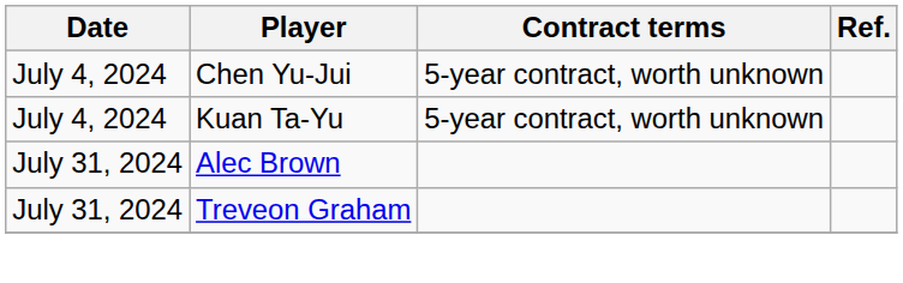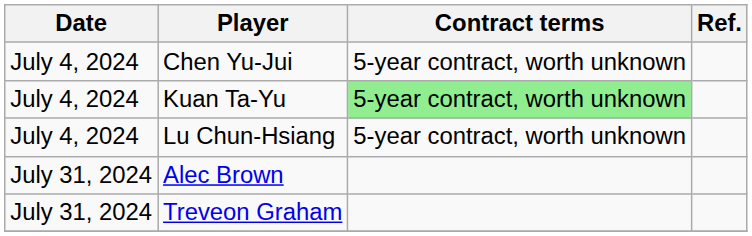 <table class="wikitable">
 <tr>
 <th>Date</th>
 <th>Player</th>
 <th>Contract terms</th>
 <th>Ref.</th>
 </tr>
 <tr>
 <td>July 4, 2024</td>
 <td>Chen Yu-Jui</td>
 <td>5-year contract, worth unknown</td>
 <td></td>
 </tr>
 <tr>
 <td>July 4, 2024</td>
 <td>Kuan Ta-Yu</td>
+<td style="background: lightgreen;">5-year contract, worth unknown</td>
+<td></td>
+</tr>
+<tr>
+<td>July 4, 2024</td>
+<td>Lu Chun-Hsiang</td>
 <td>5-year contract, worth unknown</td>
 <td></td>
 </tr>
 <tr>
 <td>July 31, 2024</td>
 <td><a href='#'>Alec Brown</a></td>
 <td></td>
 <td></td>
 </tr>
 <tr>
 <td>July 31, 2024</td>
 <td><a href='#'>Treveon Graham</a></td>
 <td></td>
 <td></td>
 </tr>
 <tr>
 </tr>
 </table>
